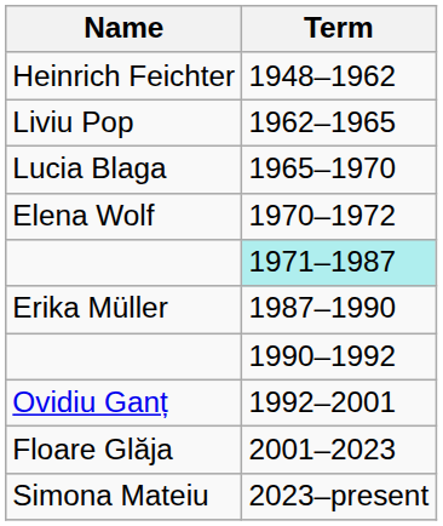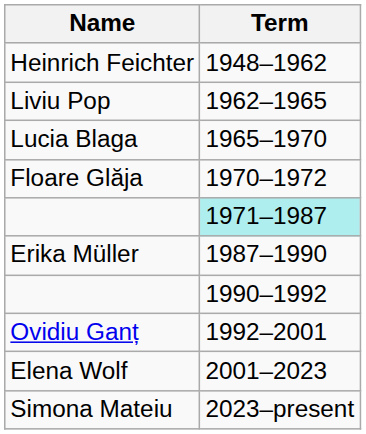 <table class="wikitable">
 <tr>
 <th>Name</th>
 <th>Term</th>
 </tr>
 <tr>
 <td>Heinrich Feichter</td>
 <td>1948–1962</td>
 </tr>
 <tr>
 <td>Liviu Pop</td>
 <td>1962–1965</td>
 </tr>
 <tr>
 <td>Lucia Blaga</td>
 <td>1965–1970</td>
 </tr>
 <tr>
-<td>Elena Wolf</td>
+<td>Floare Glăja</td>
 <td>1970–1972</td>
 </tr>
 <tr>
 <td></td>
 <td style="background: paleturquoise;">1971–1987</td>
 </tr>
 <tr>
 <td>Erika Müller</td>
 <td>1987–1990</td>
 </tr>
 <tr>
 <td></td>
 <td>1990–1992</td>
 </tr>
 <tr>
 <td><a href='#'>Ovidiu Ganț</a></td>
 <td>1992–2001</td>
 </tr>
 <tr>
-<td>Floare Glăja</td>
+<td>Elena Wolf</td>
 <td>2001–2023</td>
 </tr>
 <tr>
 <td>Simona Mateiu</td>
 <td>2023–present</td>
 </tr>
 </table>
